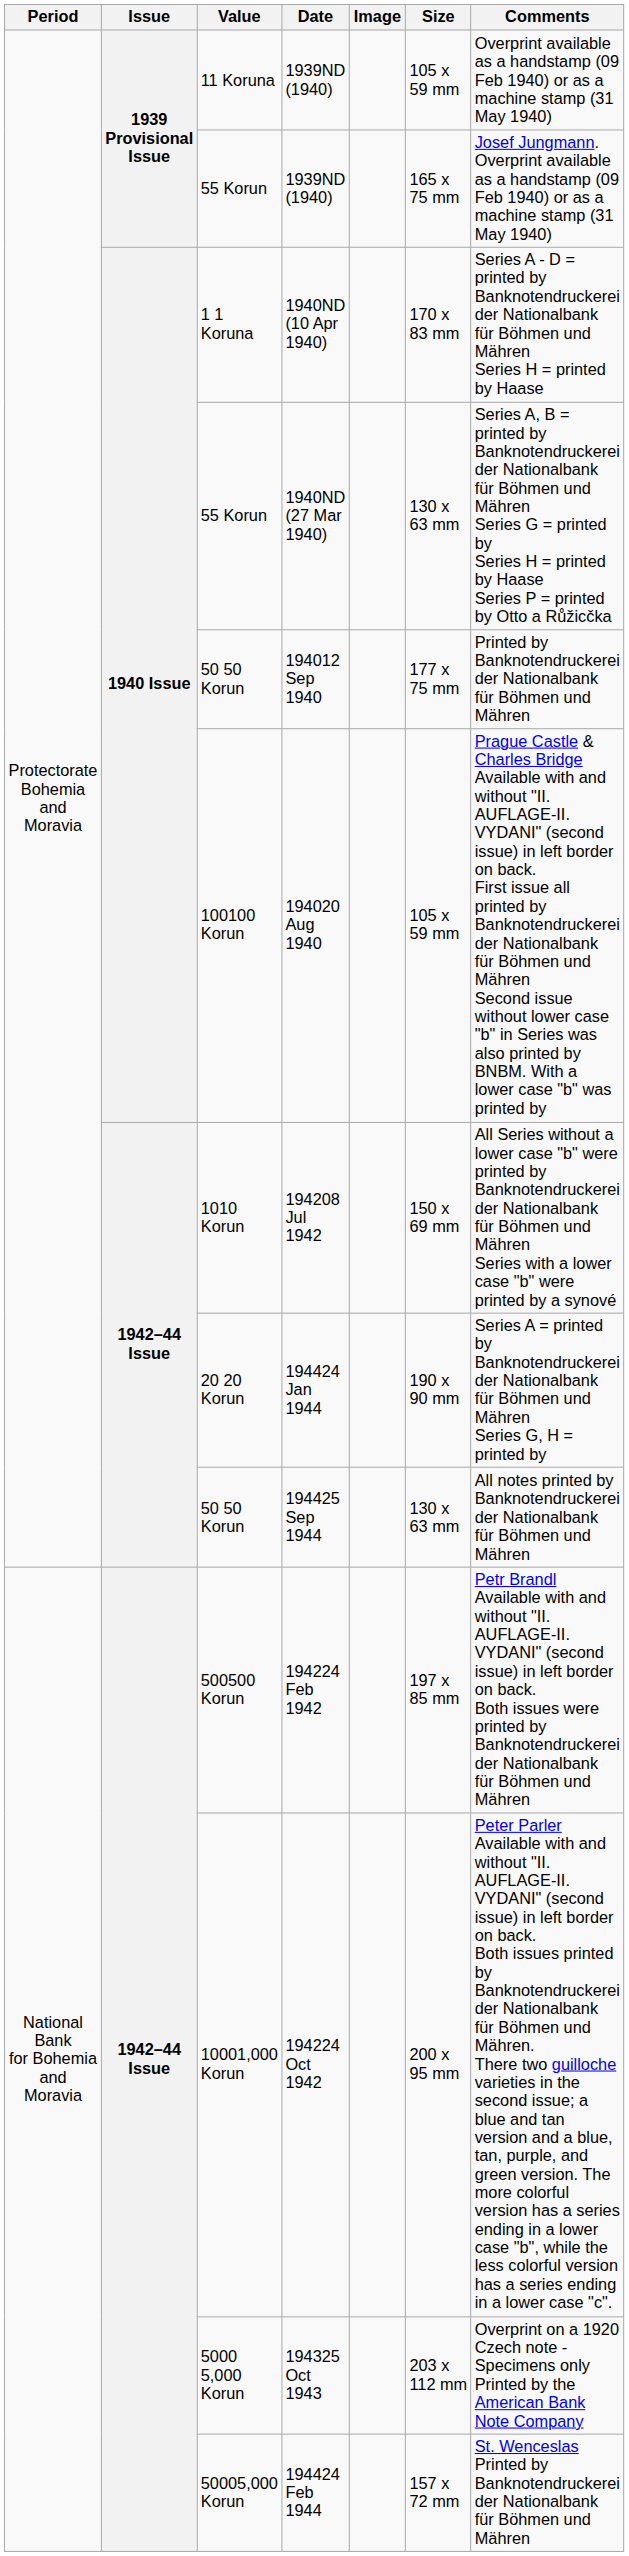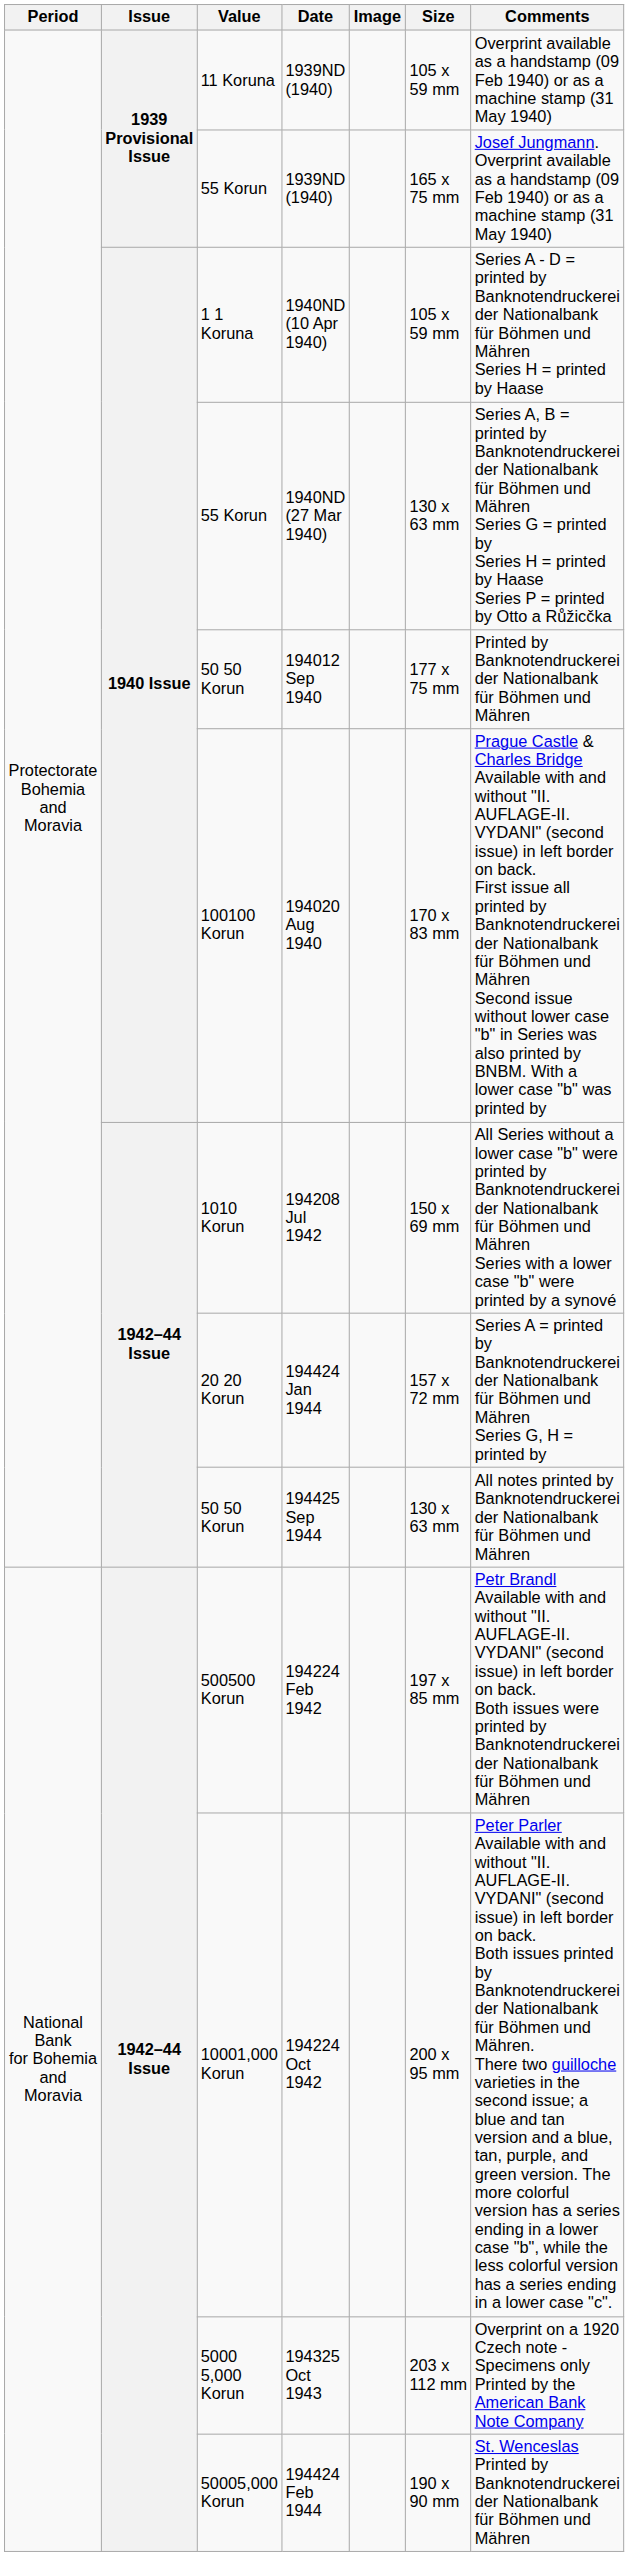 <table class="wikitable">
 <tr>
 <th scope="col" style="width:125px;" class="unsortable">Period</th>
 <th scope="col" style="width:70px;" class="unsortable">Issue</th>
 <th scope="col" style="width:60px;">Value</th>
 <th scope="col" style="width:60px;">Date</th>
 <th scope="col" style="width:175px;" class="unsortable">Image</th>
 <th>Size</th>
 <th scope="col" style="width:125px;" class="unsortable">Comments</th>
 </tr>
 <tr>
 <td rowspan="9" align="center">Protectorate<br>Bohemia and Moravia</td>
 <th rowspan="2">1939 Provisional Issue</th>
 <td><span> 1</span>1 Koruna</td>
 <td><span>1939</span>ND (1940)</td>
 <td></td>
 <td>105 x 59 mm</td>
 <td>Overprint available as a handstamp (09 Feb 1940) or as a machine stamp (31 May 1940)</td>
 </tr>
 <tr>
 <td><span> 5</span>5 Korun</td>
 <td><span>1939</span>ND (1940)</td>
 <td></td>
 <td>165 x 75 mm</td>
 <td><a href='#'>Josef Jungmann</a>.<br>Overprint available as a handstamp (09 Feb 1940) or as a machine stamp (31 May 1940)</td>
 </tr>
 <tr>
 <th rowspan="4">1940 Issue</th>
 <td><span>1 </span>1 Koruna</td>
 <td><span>1940</span>ND (10 Apr 1940)</td>
 <td></td>
-<td>170 x 83 mm</td>
+<td>105 x 59 mm</td>
 <td>Series A - D = printed by Banknotendruckerei der Nationalbank für Böhmen und Mähren<br>Series H = printed by Haase</td>
 </tr>
 <tr>
 <td><span> 5</span>5 Korun</td>
 <td><span>1940</span>ND (27 Mar 1940)</td>
 <td></td>
 <td>130 x 63 mm</td>
 <td>Series A, B = printed by Banknotendruckerei der Nationalbank für Böhmen und Mähren<br>Series G = printed by <br>Series H = printed by Haase<br>Series P = printed by Otto a Růžicčka</td>
 </tr>
 <tr>
 <td><span>50 </span>50 Korun</td>
 <td><span>1940</span>12 Sep 1940</td>
 <td></td>
 <td>177 x 75 mm</td>
 <td>Printed by Banknotendruckerei der Nationalbank für Böhmen und Mähren</td>
 </tr>
 <tr>
 <td><span>100</span>100 Korun</td>
 <td><span>1940</span>20 Aug 1940</td>
 <td></td>
-<td>105 x 59 mm</td>
+<td>170 x 83 mm</td>
 <td><a href='#'>Prague Castle</a> & <a href='#'>Charles Bridge</a><br>Available with and without "II. AUFLAGE-II. VYDANI" (second issue) in left border on back.<br>First issue all printed by Banknotendruckerei der Nationalbank für Böhmen und Mähren<br>Second issue without lower case "b" in Series was also printed by BNBM. With a lower case "b" was printed by </td>
 </tr>
 <tr>
 <th rowspan="3">1942–44 Issue</th>
 <td><span>10</span>10 Korun</td>
 <td><span>1942</span>08 Jul 1942</td>
 <td></td>
 <td>150 x 69 mm</td>
 <td>All Series without a lower case "b" were printed by Banknotendruckerei der Nationalbank für Böhmen und Mähren<br>Series with a lower case "b" were printed by  a synové</td>
 </tr>
 <tr>
 <td><span>20 </span>20 Korun</td>
 <td><span>1944</span>24 Jan 1944</td>
 <td></td>
-<td>190 x 90 mm</td>
+<td>157 x 72 mm</td>
 <td>Series A = printed by Banknotendruckerei der Nationalbank für Böhmen und Mähren<br>Series G, H = printed by </td>
 </tr>
 <tr>
 <td><span>50 </span>50 Korun</td>
 <td><span>1944</span>25 Sep 1944</td>
 <td></td>
 <td>130 x 63 mm</td>
 <td>All notes printed by Banknotendruckerei der Nationalbank für Böhmen und Mähren</td>
 </tr>
 <tr>
 <td rowspan="4" align="center">National Bank<br>for Bohemia and Moravia</td>
 <th rowspan="4">1942–44 Issue</th>
 <td><span> 500</span>500 Korun</td>
 <td><span>1942</span>24 Feb 1942</td>
 <td></td>
 <td>197 x 85 mm</td>
 <td><a href='#'>Petr Brandl</a><br>Available with and without "II. AUFLAGE-II. VYDANI" (second issue) in left border on back.<br>Both issues were printed by Banknotendruckerei der Nationalbank für Böhmen und Mähren</td>
 </tr>
 <tr>
 <td><span> 1000</span>1,000 Korun</td>
 <td><span>1942</span>24 Oct 1942</td>
 <td></td>
 <td>200 x 95 mm</td>
 <td><a href='#'>Peter Parler</a><br>Available with and without "II. AUFLAGE-II. VYDANI" (second issue) in left border on back.<br>Both issues printed by Banknotendruckerei der Nationalbank für Böhmen und Mähren.<br>There two <a href='#'>guilloche</a> varieties in the second issue; a blue and tan version and a blue, tan, purple, and green version. The more colorful version has a series ending in a lower case "b", while the less colorful version has a series ending in a lower case "c".</td>
 </tr>
 <tr>
 <td><span>5000 </span>5,000 Korun</td>
 <td><span>1943</span>25 Oct 1943</td>
 <td></td>
 <td>203 x 112 mm</td>
 <td>Overprint on a 1920 Czech note - Specimens only<br>Printed by the <a href='#'>American Bank Note Company</a></td>
 </tr>
 <tr>
 <td><span> 5000</span>5,000 Korun</td>
 <td><span>1944</span>24 Feb 1944</td>
 <td></td>
-<td>157 x 72 mm</td>
+<td>190 x 90 mm</td>
 <td><a href='#'>St. Wenceslas</a><br>Printed by  Banknotendruckerei der Nationalbank für Böhmen und Mähren</td>
 </tr>
 </table>
